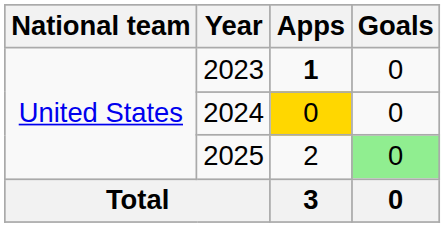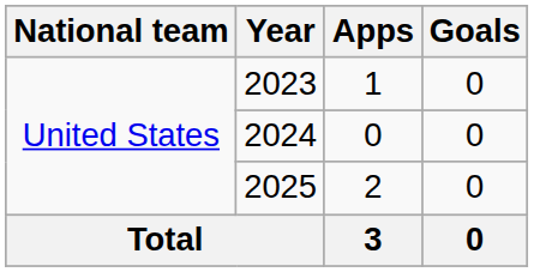 <table class="wikitable" style="text-align:center">
 <tr>
 <th>National team</th>
 <th>Year</th>
 <th>Apps</th>
 <th>Goals</th>
 </tr>
 <tr>
 <td rowspan=3><a href='#'>United States</a></td>
 <td>2023</td>
-<td><strong>1</strong></td>
+<td>1</td>
 <td>0</td>
 </tr>
 <tr>
 <td>2024</td>
-<td style="background: gold;">0</td>
+<td>0</td>
 <td>0</td>
 </tr>
 <tr>
 <td>2025</td>
 <td>2</td>
-<td style="background: lightgreen;">0</td>
+<td>0</td>
 </tr>
 <tr>
 <th colspan="2">Total</th>
 <th>3</th>
 <th>0</th>
 </tr>
 </table>
